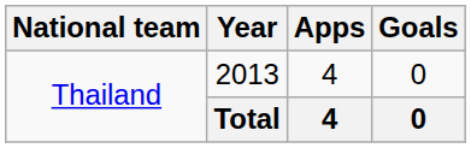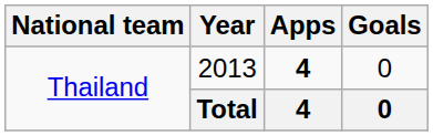 <table class="wikitable" style="text-align:center">
 <tr>
 <th>National team</th>
 <th>Year</th>
 <th>Apps</th>
 <th>Goals</th>
 </tr>
 <tr>
 <td rowspan="2" valign="center"><a href='#'>Thailand</a></td>
 <td>2013</td>
-<td>4</td>
+<td><strong>4</strong></td>
 <td>0</td>
 </tr>
 <tr>
 <th>Total</th>
 <th>4</th>
 <th>0</th>
 </tr>
 </table>
